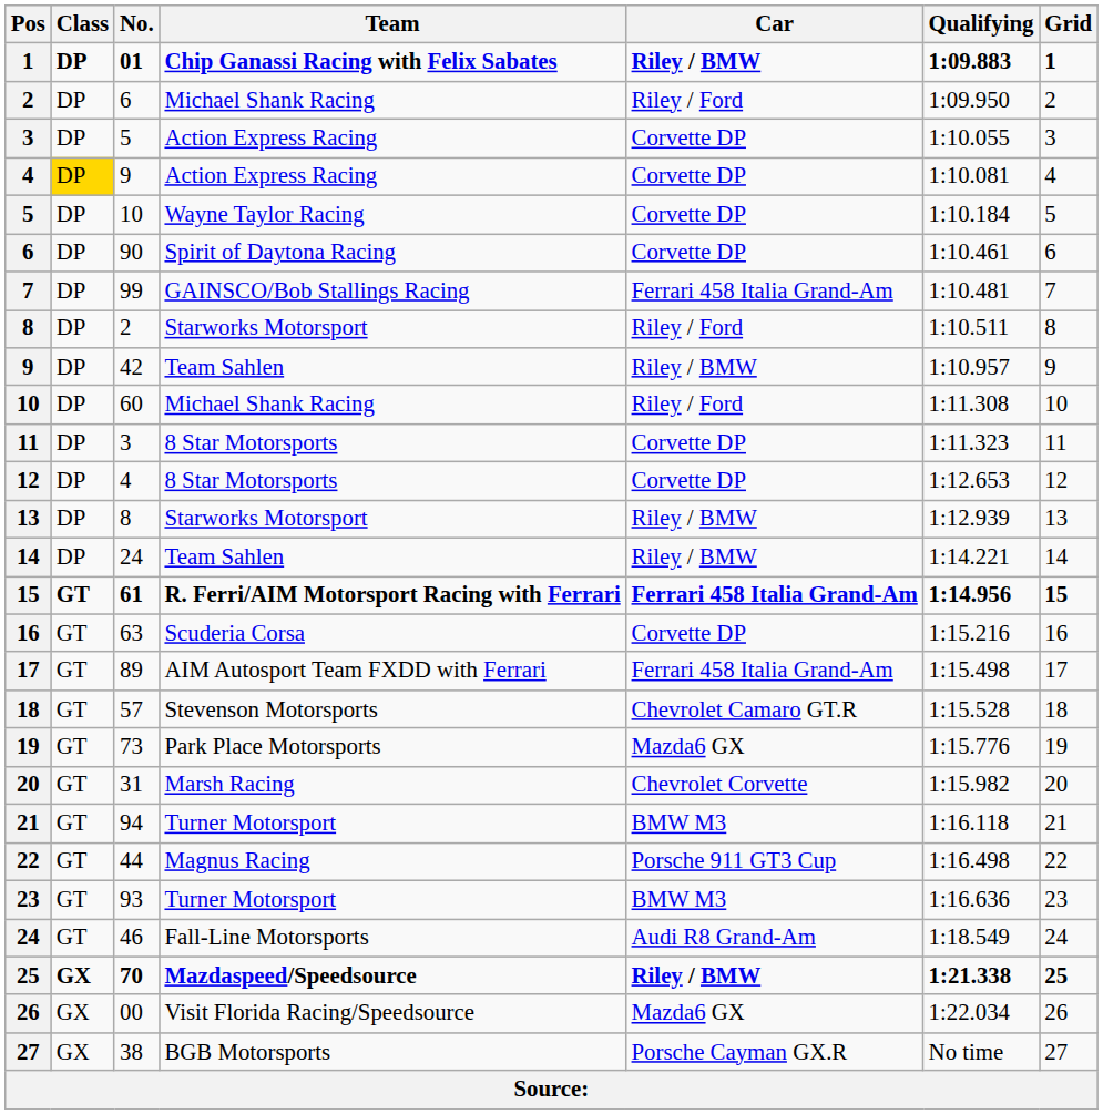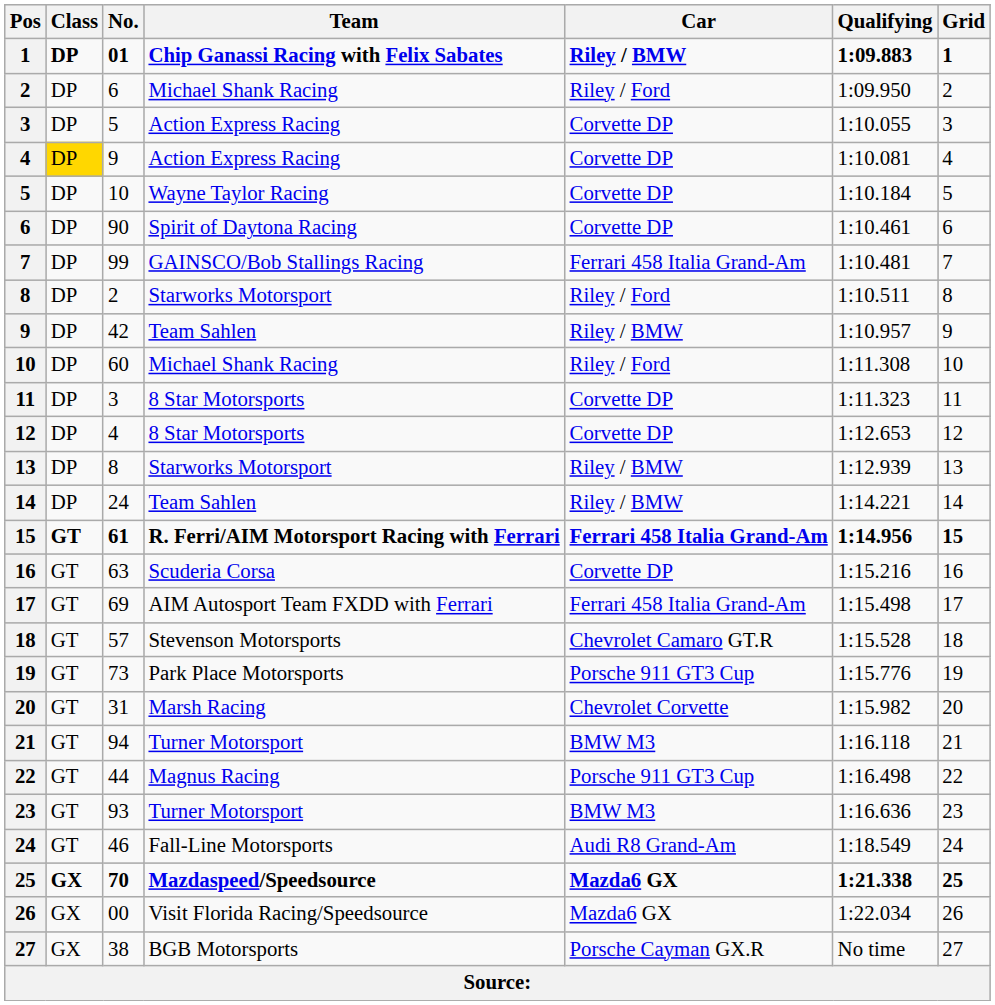 <table class="wikitable" style="font-size: 85%;">
 <tr>
 <th>Pos</th>
 <th>Class</th>
 <th>No.</th>
 <th>Team</th>
 <th>Car</th>
 <th>Qualifying</th>
 <th>Grid</th>
 </tr>
 <tr>
 <th>1</th>
 <td><strong>DP</strong></td>
 <td><strong>01</strong></td>
 <td><strong><a href='#'>Chip Ganassi Racing</a> with <a href='#'>Felix Sabates</a></strong></td>
 <td><strong><a href='#'>Riley</a> / <a href='#'>BMW</a></strong></td>
 <td><strong>1:09.883</strong></td>
 <td><strong>1</strong></td>
 </tr>
 <tr>
 <th>2</th>
 <td>DP</td>
 <td>6</td>
 <td><a href='#'>Michael Shank Racing</a></td>
 <td><a href='#'>Riley</a> / <a href='#'>Ford</a></td>
 <td>1:09.950</td>
 <td>2</td>
 </tr>
 <tr>
 <th>3</th>
 <td>DP</td>
 <td>5</td>
 <td><a href='#'>Action Express Racing</a></td>
 <td><a href='#'>Corvette DP</a></td>
 <td>1:10.055</td>
 <td>3</td>
 </tr>
 <tr>
 <th>4</th>
 <td style="background: gold;">DP</td>
 <td>9</td>
 <td><a href='#'>Action Express Racing</a></td>
 <td><a href='#'>Corvette DP</a></td>
 <td>1:10.081</td>
 <td>4</td>
 </tr>
 <tr>
 <th>5</th>
 <td>DP</td>
 <td>10</td>
 <td><a href='#'>Wayne Taylor Racing</a></td>
 <td><a href='#'>Corvette DP</a></td>
 <td>1:10.184</td>
 <td>5</td>
 </tr>
 <tr>
 <th>6</th>
 <td>DP</td>
 <td>90</td>
 <td><a href='#'>Spirit of Daytona Racing</a></td>
 <td><a href='#'>Corvette DP</a></td>
 <td>1:10.461</td>
 <td>6</td>
 </tr>
 <tr>
 <th>7</th>
 <td>DP</td>
 <td>99</td>
 <td><a href='#'>GAINSCO/Bob Stallings Racing</a></td>
 <td><a href='#'>Ferrari 458 Italia Grand-Am</a></td>
 <td>1:10.481</td>
 <td>7</td>
 </tr>
 <tr>
 <th>8</th>
 <td>DP</td>
 <td>2</td>
 <td><a href='#'>Starworks Motorsport</a></td>
 <td><a href='#'>Riley</a> / <a href='#'>Ford</a></td>
 <td>1:10.511</td>
 <td>8</td>
 </tr>
 <tr>
 <th>9</th>
 <td>DP</td>
 <td>42</td>
 <td><a href='#'>Team Sahlen</a></td>
 <td><a href='#'>Riley</a> / <a href='#'>BMW</a></td>
 <td>1:10.957</td>
 <td>9</td>
 </tr>
 <tr>
 <th>10</th>
 <td>DP</td>
 <td>60</td>
 <td><a href='#'>Michael Shank Racing</a></td>
 <td><a href='#'>Riley</a> / <a href='#'>Ford</a></td>
 <td>1:11.308</td>
 <td>10</td>
 </tr>
 <tr>
 <th>11</th>
 <td>DP</td>
 <td>3</td>
 <td><a href='#'>8 Star Motorsports</a></td>
 <td><a href='#'>Corvette DP</a></td>
 <td>1:11.323</td>
 <td>11</td>
 </tr>
 <tr>
 <th>12</th>
 <td>DP</td>
 <td>4</td>
 <td><a href='#'>8 Star Motorsports</a></td>
 <td><a href='#'>Corvette DP</a></td>
 <td>1:12.653</td>
 <td>12</td>
 </tr>
 <tr>
 <th>13</th>
 <td>DP</td>
 <td>8</td>
 <td><a href='#'>Starworks Motorsport</a></td>
 <td><a href='#'>Riley</a> / <a href='#'>BMW</a></td>
 <td>1:12.939</td>
 <td>13</td>
 </tr>
 <tr>
 <th>14</th>
 <td>DP</td>
 <td>24</td>
 <td><a href='#'>Team Sahlen</a></td>
 <td><a href='#'>Riley</a> / <a href='#'>BMW</a></td>
 <td>1:14.221</td>
 <td>14</td>
 </tr>
 <tr>
 <th>15</th>
 <td><strong>GT</strong></td>
 <td><strong>61</strong></td>
 <td><strong>R. Ferri/AIM Motorsport Racing with <a href='#'>Ferrari</a></strong></td>
 <td><a href='#'><strong>Ferrari 458 Italia Grand-Am</strong></a></td>
 <td><strong>1:14.956</strong></td>
 <td><strong>15</strong></td>
 </tr>
 <tr>
 <th>16</th>
 <td>GT</td>
 <td>63</td>
 <td><a href='#'>Scuderia Corsa</a></td>
 <td><a href='#'>Corvette DP</a></td>
 <td>1:15.216</td>
 <td>16</td>
 </tr>
 <tr>
 <th>17</th>
 <td>GT</td>
-<td>89</td>
+<td>69</td>
 <td>AIM Autosport Team FXDD with <a href='#'>Ferrari</a></td>
 <td><a href='#'>Ferrari 458 Italia Grand-Am</a></td>
 <td>1:15.498</td>
 <td>17</td>
 </tr>
 <tr>
 <th>18</th>
 <td>GT</td>
 <td>57</td>
 <td>Stevenson Motorsports</td>
 <td><a href='#'>Chevrolet Camaro</a> GT.R</td>
 <td>1:15.528</td>
 <td>18</td>
 </tr>
 <tr>
 <th>19</th>
 <td>GT</td>
 <td>73</td>
 <td>Park Place Motorsports</td>
-<td><a href='#'>Mazda6</a> GX</td>
+<td><a href='#'>Porsche 911 GT3 Cup</a></td>
 <td>1:15.776</td>
 <td>19</td>
 </tr>
 <tr>
 <th>20</th>
 <td>GT</td>
 <td>31</td>
 <td><a href='#'>Marsh Racing</a></td>
 <td><a href='#'>Chevrolet Corvette</a></td>
 <td>1:15.982</td>
 <td>20</td>
 </tr>
 <tr>
 <th>21</th>
 <td>GT</td>
 <td>94</td>
 <td><a href='#'>Turner Motorsport</a></td>
 <td><a href='#'>BMW M3</a></td>
 <td>1:16.118</td>
 <td>21</td>
 </tr>
 <tr>
 <th>22</th>
 <td>GT</td>
 <td>44</td>
 <td><a href='#'>Magnus Racing</a></td>
 <td><a href='#'>Porsche 911 GT3 Cup</a></td>
 <td>1:16.498</td>
 <td>22</td>
 </tr>
 <tr>
 <th>23</th>
 <td>GT</td>
 <td>93</td>
 <td><a href='#'>Turner Motorsport</a></td>
 <td><a href='#'>BMW M3</a></td>
 <td>1:16.636</td>
 <td>23</td>
 </tr>
 <tr>
 <th>24</th>
 <td>GT</td>
 <td>46</td>
 <td>Fall-Line Motorsports</td>
 <td><a href='#'>Audi R8 Grand-Am</a></td>
 <td>1:18.549</td>
 <td>24</td>
 </tr>
 <tr>
 <th>25</th>
 <td><strong>GX</strong></td>
 <td><strong>70</strong></td>
 <td><strong><a href='#'>Mazdaspeed</a>/Speedsource</strong></td>
-<td><strong><a href='#'>Riley</a> / <a href='#'>BMW</a></strong></td>
+<td><strong><a href='#'>Mazda6</a> GX</strong></td>
 <td><strong>1:21.338</strong></td>
 <td><strong>25</strong></td>
 </tr>
 <tr>
 <th>26</th>
 <td>GX</td>
 <td>00</td>
 <td>Visit Florida Racing/Speedsource</td>
 <td><a href='#'>Mazda6</a> GX</td>
 <td>1:22.034</td>
 <td>26</td>
 </tr>
 <tr>
 <th>27</th>
 <td>GX</td>
 <td>38</td>
 <td>BGB Motorsports</td>
 <td><a href='#'>Porsche Cayman</a> GX.R</td>
 <td>No time</td>
 <td>27</td>
 </tr>
 <tr>
 <th colspan="7">Source:</th>
 </tr>
 </table>
